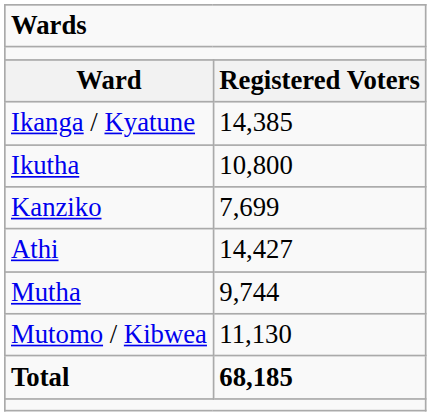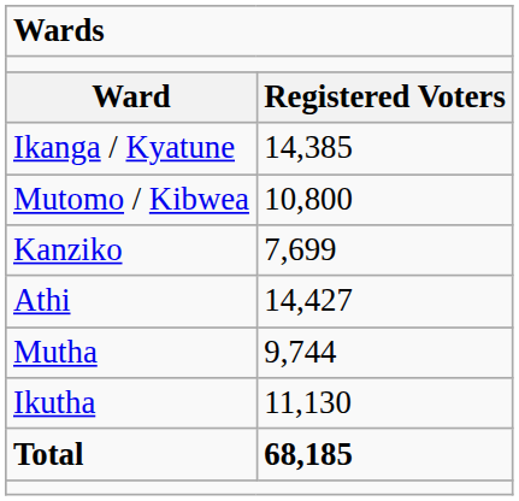 <table class="wikitable">
 <tr>
 <td colspan="2"><strong>Wards</strong></td>
 </tr>
 <tr>
 <td colspan="2"></td>
 </tr>
 <tr>
 <th>Ward</th>
 <th>Registered Voters</th>
 </tr>
 <tr>
 <td><a href='#'>Ikanga</a> / <a href='#'>Kyatune</a></td>
 <td>14,385</td>
 </tr>
 <tr>
-<td><a href='#'>Ikutha</a></td>
+<td><a href='#'>Mutomo</a> / <a href='#'>Kibwea</a></td>
 <td>10,800</td>
 </tr>
 <tr>
 <td><a href='#'>Kanziko</a></td>
 <td>7,699</td>
 </tr>
 <tr>
 <td><a href='#'>Athi</a></td>
 <td>14,427</td>
 </tr>
 <tr>
 <td><a href='#'>Mutha</a></td>
 <td>9,744</td>
 </tr>
 <tr>
-<td><a href='#'>Mutomo</a> / <a href='#'>Kibwea</a></td>
+<td><a href='#'>Ikutha</a></td>
 <td>11,130</td>
 </tr>
 <tr>
 <td><strong>Total</strong></td>
 <td><strong>68,185</strong></td>
 </tr>
 <tr>
 <td colspan="2"> </td>
 </tr>
 </table>
